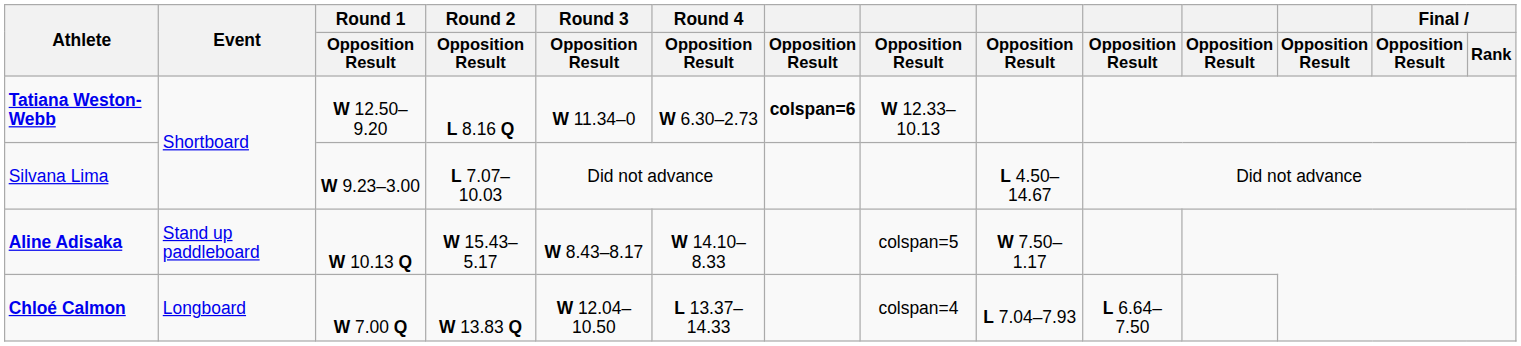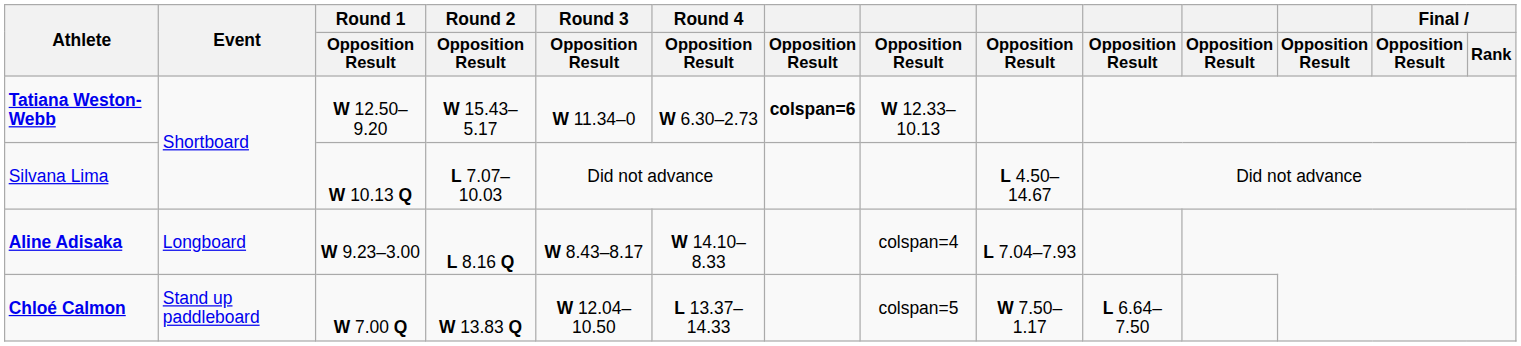 <table class=wikitable style=font-size:90%;text-align:center>
 <tr>
 <th rowspan=2>Athlete</th>
 <th rowspan=2>Event</th>
 <th>Round 1</th>
 <th>Round 2</th>
 <th>Round 3</th>
 <th>Round 4</th>
 <th></th>
 <th></th>
 <th></th>
 <th></th>
 <th></th>
 <th></th>
 <th colspan=2>Final / </th>
 </tr>
 <tr style=font-size:95%>
 <th>Opposition<br>Result</th>
 <th>Opposition<br>Result</th>
 <th>Opposition<br>Result</th>
 <th>Opposition<br>Result</th>
 <th>Opposition<br>Result</th>
 <th>Opposition<br>Result</th>
 <th>Opposition<br>Result</th>
 <th>Opposition<br>Result</th>
 <th>Opposition<br>Result</th>
 <th>Opposition<br>Result</th>
 <th>Opposition<br>Result</th>
 <th>Rank</th>
 </tr>
 <tr>
 <td align=left><strong><a href='#'>Tatiana Weston-Webb</a></strong></td>
 <td align=left rowspan=2><a href='#'>Shortboard</a></td>
 <td><br><strong>W</strong> 12.50–9.20</td>
-<td><br><br><strong>L</strong> 8.16 <strong>Q</strong></td>
+<td><br><strong>W</strong> 15.43–5.17</td>
 <td><br><strong>W</strong> 11.34–0</td>
 <td><br><strong>W</strong> 6.30–2.73</td>
 <td><strong>colspan=6 </strong></td>
 <td><br><strong>W</strong> 12.33–10.13</td>
 <td></td>
 </tr>
 <tr>
 <td align=left><a href='#'>Silvana Lima</a></td>
-<td><br><strong>W</strong> 9.23–3.00</td>
+<td><br><br><strong>W</strong> 10.13 <strong>Q</strong></td>
 <td><br><strong>L</strong> 7.07–10.03</td>
 <td colspan=2>Did not advance</td>
 <td></td>
 <td><br></td>
 <td><br><strong>L</strong> 4.50–14.67</td>
 <td colspan=5>Did not advance</td>
 </tr>
 <tr>
 <td align=left><strong><a href='#'>Aline Adisaka</a></strong></td>
-<td align=left><a href='#'>Stand up paddleboard</a></td>
-<td><br><br><strong>W</strong> 10.13 <strong>Q</strong></td>
-<td><br><strong>W</strong> 15.43–5.17</td>
+<td align=left><a href='#'>Longboard</a></td>
+<td><br><strong>W</strong> 9.23–3.00</td>
+<td><br><br><strong>L</strong> 8.16 <strong>Q</strong></td>
 <td><br><strong>W</strong> 8.43–8.17</td>
 <td><br><strong>W</strong> 14.10–8.33</td>
 <td></td>
-<td>colspan=5 </td>
-<td><br><strong>W</strong> 7.50–1.17</td>
+<td>colspan=4 </td>
+<td><br><strong>L</strong> 7.04–7.93</td>
 <td></td>
 </tr>
 <tr>
 <td align=left><strong><a href='#'>Chloé Calmon</a></strong></td>
-<td align=left><a href='#'>Longboard</a></td>
+<td align=left><a href='#'>Stand up paddleboard</a></td>
 <td><br><br><strong>W</strong> 7.00 <strong>Q</strong></td>
 <td><br><br><strong>W</strong> 13.83 <strong>Q</strong></td>
 <td><br><strong>W</strong> 12.04–10.50</td>
 <td><br><strong>L</strong> 13.37–14.33</td>
 <td></td>
-<td>colspan=4 </td>
-<td><br><strong>L</strong> 7.04–7.93</td>
+<td>colspan=5 </td>
+<td><br><strong>W</strong> 7.50–1.17</td>
 <td><br><strong>L</strong> 6.64–7.50</td>
 <td></td>
 </tr>
 </table>
